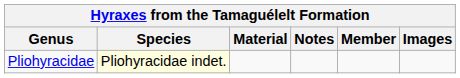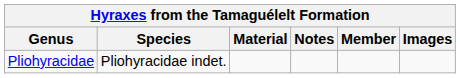 <table class="wikitable">
 <tr>
 <th colspan="6" style="text-align:center"><strong><a href='#'>Hyraxes</a> from the Tamaguélelt Formation</strong></th>
 </tr>
 <tr>
 <th>Genus</th>
 <th>Species</th>
 <th>Material</th>
 <th>Notes</th>
 <th>Member</th>
 <th>Images</th>
 </tr>
 <tr>
 <td><a href='#'>Pliohyracidae</a></td>
-<td style="background: lightyellow;">Pliohyracidae indet.</td>
+<td>Pliohyracidae indet.</td>
 <td></td>
 <td></td>
 <td></td>
 <td></td>
 </tr>
 </table>
